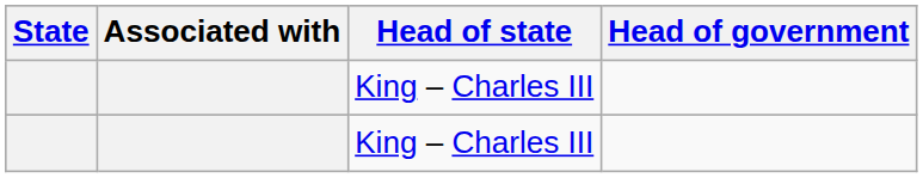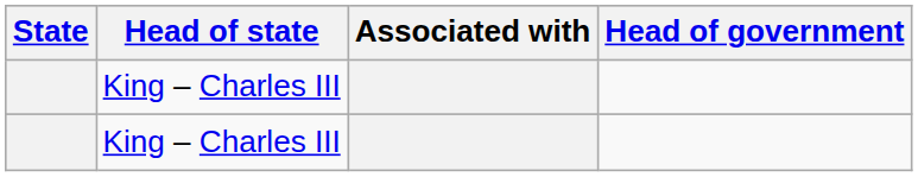 <table class="wikitable plainrowheaders" style="line-height:1.3em; max-width:1200px">
 <tr>
 <th><a href='#'>State</a></th>
+<th><a href='#'>Head of state</a></th>
 <th>Associated with</th>
-<th><a href='#'>Head of state</a></th>
 <th><a href='#'>Head of government</a></th>
 </tr>
 <tr>
 <th scope="row"></th>
+<td><a href='#'>King</a> – <a href='#'>Charles III</a><br></td>
 <th scope="row"></th>
-<td><a href='#'>King</a> – <a href='#'>Charles III</a><br></td>
 <td></td>
 </tr>
 <tr>
 <th scope="row"></th>
+<td><a href='#'>King</a> – <a href='#'>Charles III</a><br></td>
 <th scope="row"></th>
-<td><a href='#'>King</a> – <a href='#'>Charles III</a><br></td>
 <td></td>
 </tr>
 </table>
